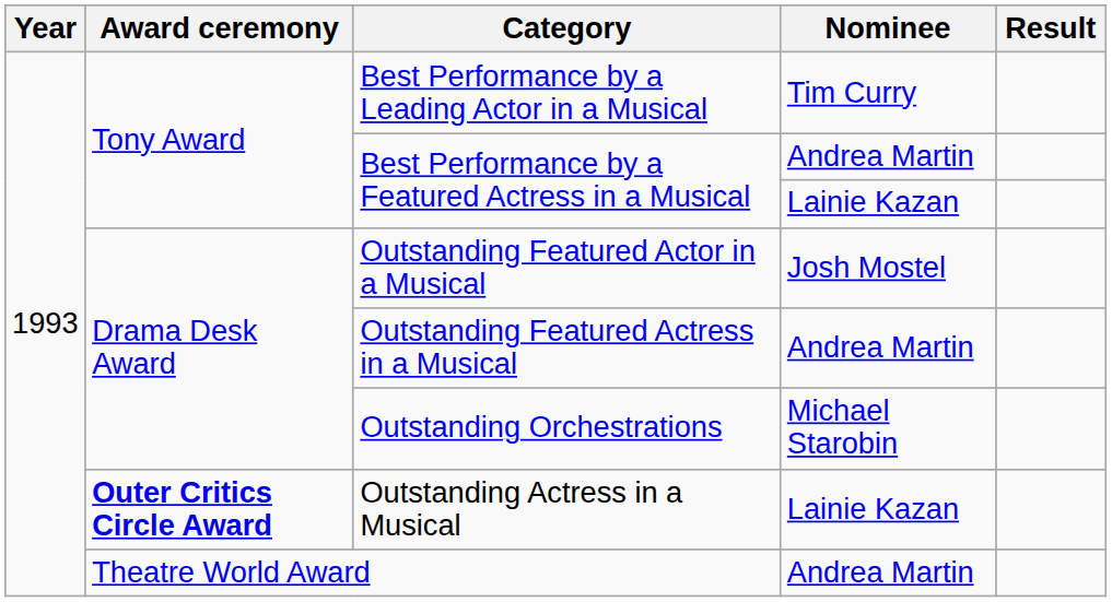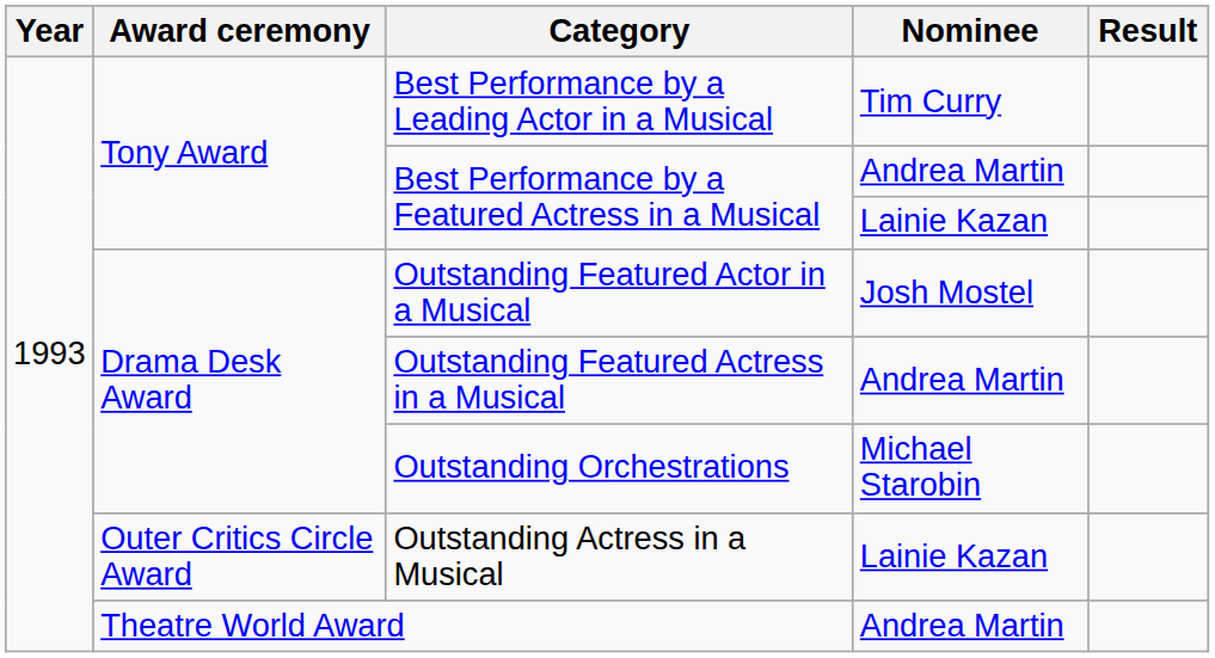 <table class="wikitable" width="95%">
 <tr>
 <th width="5%">Year</th>
 <th width="25%">Award ceremony</th>
 <th width="40%">Category</th>
 <th width="20%">Nominee</th>
 <th width="10%">Result</th>
 </tr>
 <tr>
 <td rowspan="8" align="center">1993</td>
 <td rowspan="3"><a href='#'>Tony Award</a></td>
 <td><a href='#'>Best Performance by a Leading Actor in a Musical</a></td>
 <td><a href='#'>Tim Curry</a></td>
 <td></td>
 </tr>
 <tr>
 <td rowspan="2"><a href='#'>Best Performance by a Featured Actress in a Musical</a></td>
 <td><a href='#'>Andrea Martin</a></td>
 <td></td>
 </tr>
 <tr>
 <td><a href='#'>Lainie Kazan</a></td>
 <td></td>
 </tr>
 <tr>
 <td rowspan="3"><a href='#'>Drama Desk Award</a></td>
 <td><a href='#'>Outstanding Featured Actor in a Musical</a></td>
 <td><a href='#'>Josh Mostel</a></td>
 <td></td>
 </tr>
 <tr>
 <td><a href='#'>Outstanding Featured Actress in a Musical</a></td>
 <td><a href='#'>Andrea Martin</a></td>
 <td></td>
 </tr>
 <tr>
 <td><a href='#'>Outstanding Orchestrations</a></td>
 <td><a href='#'>Michael Starobin</a></td>
 <td></td>
 </tr>
 <tr>
-<td><strong><a href='#'>Outer Critics Circle Award</a></strong></td>
+<td><a href='#'>Outer Critics Circle Award</a></td>
 <td>Outstanding Actress in a Musical</td>
 <td><a href='#'>Lainie Kazan</a></td>
 <td></td>
 </tr>
 <tr>
 <td colspan="2"><a href='#'>Theatre World Award</a></td>
 <td><a href='#'>Andrea Martin</a></td>
 <td></td>
 </tr>
 </table>
